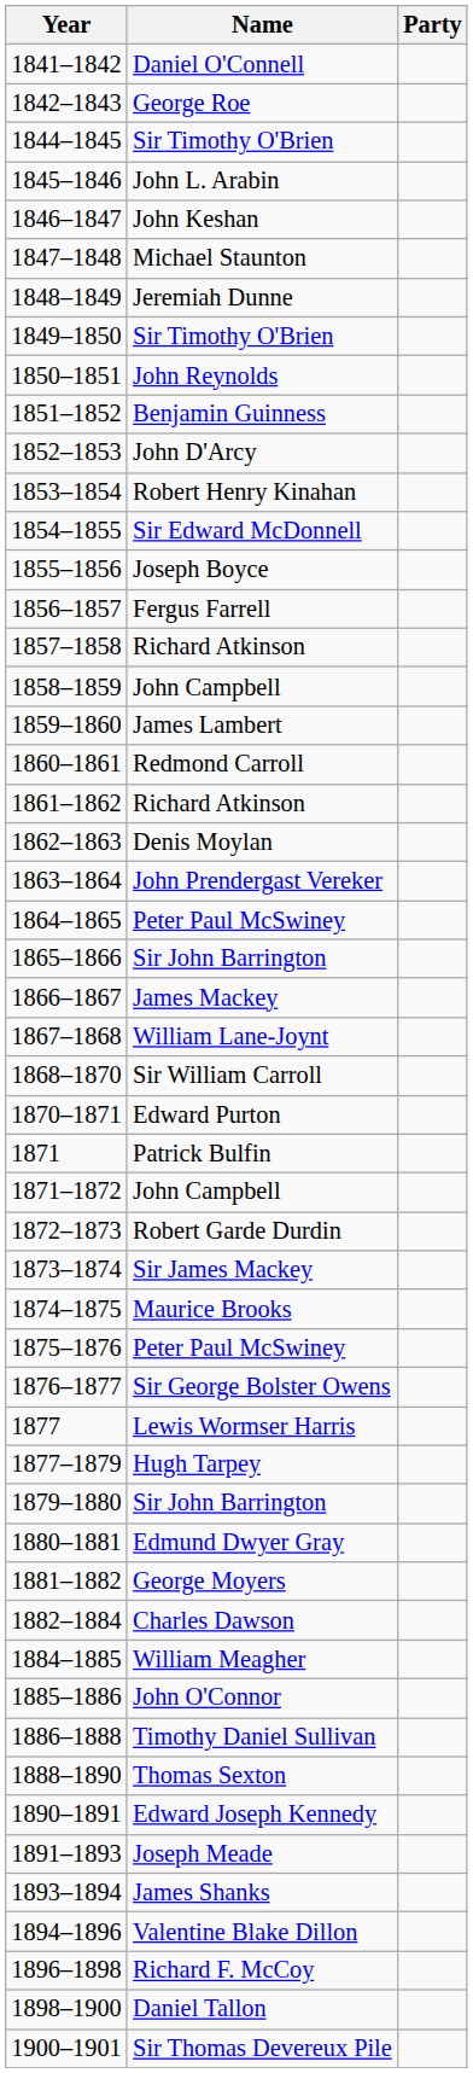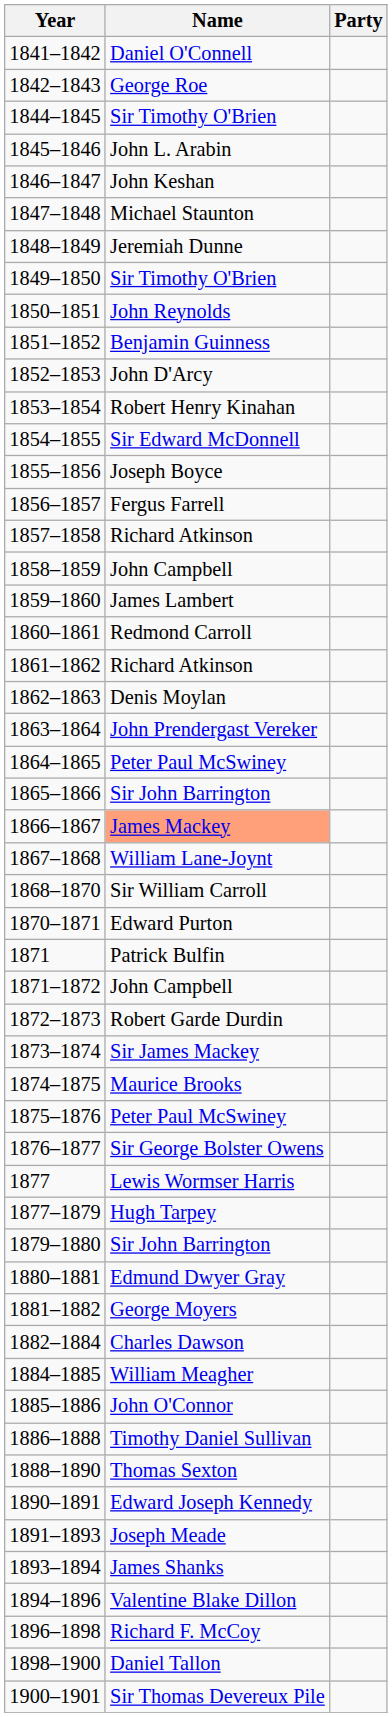 <table class="wikitable">
 <tr>
 <th>Year</th>
 <th>Name</th>
 <th colspan=2>Party</th>
 </tr>
 <tr>
 <td>1841–1842</td>
 <td><a href='#'>Daniel O'Connell</a></td>
 <td></td>
 </tr>
 <tr>
 <td>1842–1843</td>
 <td><a href='#'>George Roe</a></td>
 <td></td>
 </tr>
 <tr>
 <td>1844–1845</td>
 <td><a href='#'>Sir Timothy O'Brien</a></td>
 <td></td>
 </tr>
 <tr>
 <td>1845–1846</td>
 <td>John L. Arabin</td>
 <td></td>
 </tr>
 <tr>
 <td>1846–1847</td>
 <td>John Keshan</td>
 <td></td>
 </tr>
 <tr>
 <td>1847–1848</td>
 <td>Michael Staunton</td>
 <td></td>
 </tr>
 <tr>
 <td>1848–1849</td>
 <td>Jeremiah Dunne</td>
 <td></td>
 </tr>
 <tr>
 <td>1849–1850</td>
 <td><a href='#'>Sir Timothy O'Brien</a></td>
 <td></td>
 </tr>
 <tr>
 <td>1850–1851</td>
 <td><a href='#'>John Reynolds</a></td>
 <td></td>
 </tr>
 <tr>
 <td>1851–1852</td>
 <td><a href='#'>Benjamin Guinness</a></td>
 <td></td>
 </tr>
 <tr>
 <td>1852–1853</td>
 <td>John D'Arcy</td>
 <td></td>
 </tr>
 <tr>
 <td>1853–1854</td>
 <td>Robert Henry Kinahan</td>
 <td></td>
 </tr>
 <tr>
 <td>1854–1855</td>
 <td><a href='#'>Sir Edward McDonnell</a></td>
 <td></td>
 </tr>
 <tr>
 <td>1855–1856</td>
 <td>Joseph Boyce</td>
 <td></td>
 </tr>
 <tr>
 <td>1856–1857</td>
 <td>Fergus Farrell</td>
 <td></td>
 </tr>
 <tr>
 <td>1857–1858</td>
 <td>Richard Atkinson</td>
 <td></td>
 </tr>
 <tr>
 <td>1858–1859</td>
 <td>John Campbell</td>
 <td></td>
 </tr>
 <tr>
 <td>1859–1860</td>
 <td>James Lambert</td>
 <td></td>
 </tr>
 <tr>
 <td>1860–1861</td>
 <td>Redmond Carroll</td>
 <td></td>
 </tr>
 <tr>
 <td>1861–1862</td>
 <td>Richard Atkinson</td>
 <td></td>
 </tr>
 <tr>
 <td>1862–1863</td>
 <td>Denis Moylan</td>
 <td></td>
 </tr>
 <tr>
 <td>1863–1864</td>
 <td><a href='#'>John Prendergast Vereker</a></td>
 <td></td>
 </tr>
 <tr>
 <td>1864–1865</td>
 <td><a href='#'>Peter Paul McSwiney</a></td>
 <td></td>
 </tr>
 <tr>
 <td>1865–1866</td>
 <td><a href='#'>Sir John Barrington</a></td>
 <td></td>
 </tr>
 <tr>
 <td>1866–1867</td>
-<td><a href='#'>James Mackey</a></td>
+<td style="background: lightsalmon;"><a href='#'>James Mackey</a></td>
 <td></td>
 </tr>
 <tr>
 <td>1867–1868</td>
 <td><a href='#'>William Lane-Joynt</a></td>
 <td></td>
 </tr>
 <tr>
 <td>1868–1870</td>
 <td>Sir William Carroll</td>
 <td></td>
 </tr>
 <tr>
 <td>1870–1871</td>
 <td>Edward Purton</td>
 <td></td>
 </tr>
 <tr>
 <td>1871</td>
 <td>Patrick Bulfin</td>
 <td></td>
 </tr>
 <tr>
 <td>1871–1872</td>
 <td>John Campbell</td>
 <td></td>
 </tr>
 <tr>
 <td>1872–1873</td>
 <td>Robert Garde Durdin</td>
 <td></td>
 </tr>
 <tr>
 <td>1873–1874</td>
 <td><a href='#'>Sir James Mackey</a></td>
 <td></td>
 </tr>
 <tr>
 <td>1874–1875</td>
 <td><a href='#'>Maurice Brooks</a></td>
 <td></td>
 </tr>
 <tr>
 <td>1875–1876</td>
 <td><a href='#'>Peter Paul McSwiney</a></td>
 <td></td>
 </tr>
 <tr>
 <td>1876–1877</td>
 <td><a href='#'>Sir George Bolster Owens</a></td>
 <td></td>
 </tr>
 <tr>
 <td>1877</td>
 <td><a href='#'>Lewis Wormser Harris</a></td>
 <td></td>
 </tr>
 <tr>
 <td>1877–1879</td>
 <td><a href='#'>Hugh Tarpey</a></td>
 <td></td>
 </tr>
 <tr>
 <td>1879–1880</td>
 <td><a href='#'>Sir John Barrington</a></td>
 <td></td>
 </tr>
 <tr>
 <td>1880–1881</td>
 <td><a href='#'>Edmund Dwyer Gray</a></td>
 <td></td>
 </tr>
 <tr>
 <td>1881–1882</td>
 <td><a href='#'>George Moyers</a></td>
 <td></td>
 </tr>
 <tr>
 <td>1882–1884</td>
 <td><a href='#'>Charles Dawson</a></td>
 <td></td>
 </tr>
 <tr>
 <td>1884–1885</td>
 <td><a href='#'>William Meagher</a></td>
 <td></td>
 </tr>
 <tr>
 <td>1885–1886</td>
 <td><a href='#'>John O'Connor</a></td>
 <td></td>
 </tr>
 <tr>
 <td>1886–1888</td>
 <td><a href='#'>Timothy Daniel Sullivan</a></td>
 <td></td>
 </tr>
 <tr>
 <td>1888–1890</td>
 <td><a href='#'>Thomas Sexton</a></td>
 <td></td>
 </tr>
 <tr>
 <td>1890–1891</td>
 <td><a href='#'>Edward Joseph Kennedy</a></td>
 <td></td>
 </tr>
 <tr>
 <td>1891–1893</td>
 <td><a href='#'>Joseph Meade</a></td>
 <td></td>
 </tr>
 <tr>
 <td>1893–1894</td>
 <td><a href='#'>James Shanks</a></td>
 <td></td>
 </tr>
 <tr>
 <td>1894–1896</td>
 <td><a href='#'>Valentine Blake Dillon</a></td>
 <td></td>
 </tr>
 <tr>
 <td>1896–1898</td>
 <td><a href='#'>Richard F. McCoy</a></td>
 <td></td>
 </tr>
 <tr>
 <td>1898–1900</td>
 <td><a href='#'>Daniel Tallon</a></td>
 <td></td>
 </tr>
 <tr>
 <td>1900–1901</td>
 <td><a href='#'>Sir Thomas Devereux Pile</a></td>
 <td></td>
 </tr>
 </table>
